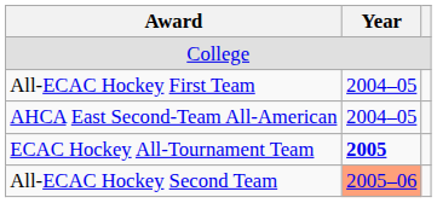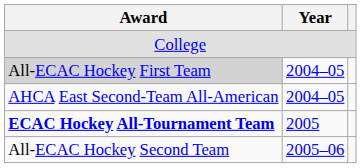 <table class="wikitable">
 <tr>
 <th>Award</th>
 <th>Year</th>
 <th></th>
 </tr>
 <tr ALIGN="center" bgcolor="#e0e0e0">
 <td colspan="3"><a href='#'>College</a></td>
 </tr>
 <tr>
-<td>All-<a href='#'>ECAC Hockey</a> <a href='#'>First Team</a></td>
+<td style="background: lightgrey;">All-<a href='#'>ECAC Hockey</a> <a href='#'>First Team</a></td>
 <td><a href='#'>2004–05</a></td>
 <td></td>
 </tr>
 <tr>
 <td><a href='#'>AHCA</a> <a href='#'>East Second-Team All-American</a></td>
 <td><a href='#'>2004–05</a></td>
 <td></td>
 </tr>
 <tr>
-<td><a href='#'>ECAC Hockey</a> <a href='#'>All-Tournament Team</a></td>
-<td><strong><a href='#'>2005</a></strong></td>
+<td><strong><a href='#'>ECAC Hockey</a> <a href='#'>All-Tournament Team</a></strong></td>
+<td><a href='#'>2005</a></td>
 <td></td>
 </tr>
 <tr>
 <td>All-<a href='#'>ECAC Hockey</a> <a href='#'>Second Team</a></td>
-<td style="background: lightsalmon;"><a href='#'>2005–06</a></td>
+<td><a href='#'>2005–06</a></td>
 <td></td>
 </tr>
 </table>
